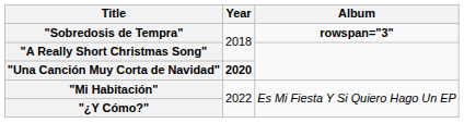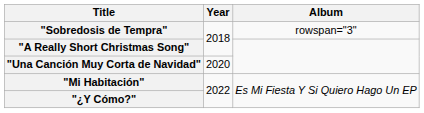 <table class="wikitable plainrowheaders" style="text-align:center;">
 <tr>
 <th scope="col">Title</th>
 <th scope="col">Year</th>
 <th scope="col">Album</th>
 </tr>
 <tr>
 <th scope="row">"Sobredosis de Tempra"</th>
 <td rowspan="2">2018</td>
-<td><strong>rowspan="3" </strong></td>
+<td>rowspan="3" </td>
 </tr>
 <tr>
 <th scope="row">"A Really Short Christmas Song"</th>
 </tr>
 <tr>
 <th scope="row">"Una Canción Muy Corta de Navidad"</th>
-<td><strong>2020</strong></td>
+<td>2020</td>
 </tr>
 <tr>
 <th scope="row">"Mi Habitación"<br></th>
 <td rowspan="2">2022</td>
 <td rowspan="2"><em>Es Mi Fiesta Y Si Quiero Hago Un EP</em></td>
 </tr>
 <tr>
 <th scope="row">"¿Y Cómo?"<br></th>
 </tr>
 </table>
